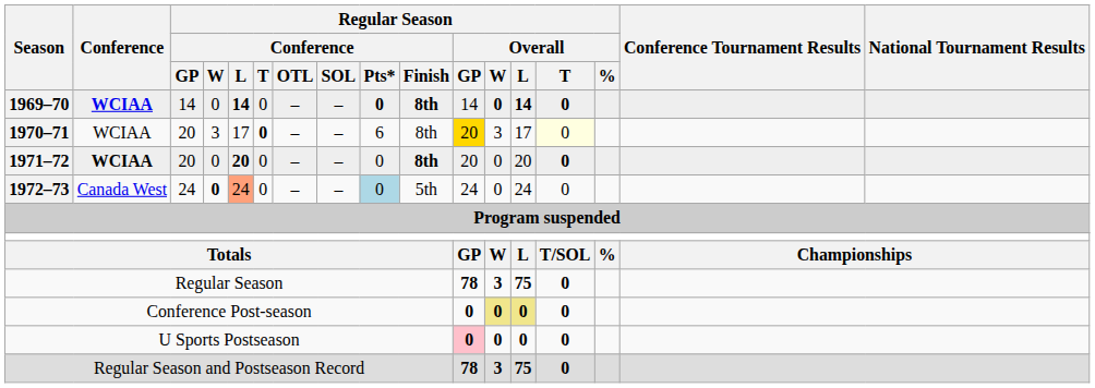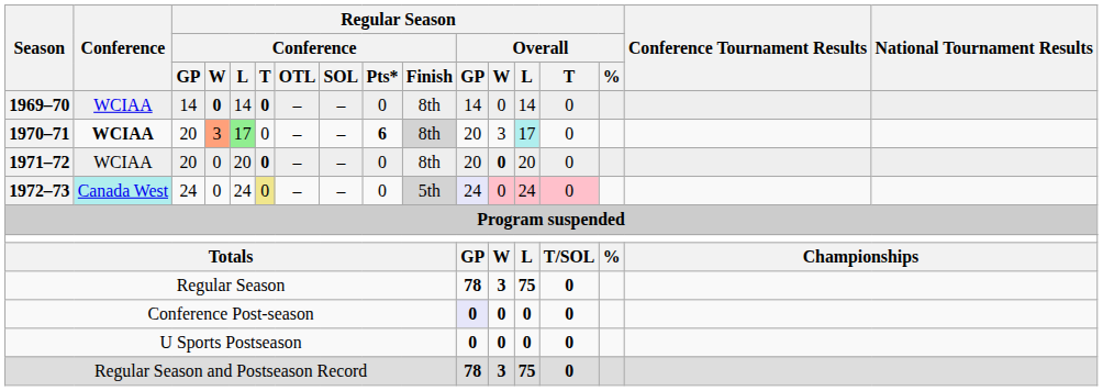 <table class="wikitable" style="text-align: center; font-size: 95%">
 <tr>
 <th rowspan="3">Season</th>
 <th rowspan="3">Conference</th>
 <th colspan="13">Regular Season</th>
 <th rowspan="3">Conference Tournament Results</th>
 <th rowspan="3">National Tournament Results</th>
 </tr>
 <tr>
 <th colspan="8">Conference</th>
 <th colspan="5">Overall</th>
 </tr>
 <tr>
 <th>GP</th>
 <th>W</th>
 <th>L</th>
 <th>T</th>
 <th>OTL</th>
 <th>SOL</th>
 <th>Pts*</th>
 <th>Finish</th>
 <th>GP</th>
 <th>W</th>
 <th>L</th>
 <th>T</th>
 <th>%</th>
 </tr>
 <tr bgcolor=eeeeee>
 <th>1969–70</th>
-<td><strong><a href='#'>WCIAA</a></strong></td>
+<td><a href='#'>WCIAA</a></td>
+<td>14</td>
+<td><strong>0</strong></td>
+<td>14</td>
+<td><strong>0</strong></td>
+<td>–</td>
+<td>–</td>
+<td>0</td>
+<td>8th</td>
 <td>14</td>
 <td>0</td>
-<td><strong>14</strong></td>
+<td>14</td>
 <td>0</td>
-<td>–</td>
-<td>–</td>
-<td><strong>0</strong></td>
-<td><strong>8th</strong></td>
-<td>14</td>
-<td><strong>0</strong></td>
-<td><strong>14</strong></td>
-<td><strong>0</strong></td>
 <td></td>
 <td align="left"></td>
 <td align="left"></td>
 </tr>
 <tr>
 <th>1970–71</th>
-<td>WCIAA</td>
+<td><strong>WCIAA</strong></td>
+<td>20</td>
+<td style="background: lightsalmon;">3</td>
+<td style="background: lightgreen;">17</td>
+<td>0</td>
+<td>–</td>
+<td>–</td>
+<td><strong>6</strong></td>
+<td style="background: lightgrey;">8th</td>
 <td>20</td>
 <td>3</td>
-<td>17</td>
-<td><strong>0</strong></td>
-<td>–</td>
-<td>–</td>
-<td>6</td>
-<td>8th</td>
-<td style="background: gold;">20</td>
-<td>3</td>
-<td>17</td>
-<td style="background: lightyellow;">0</td>
+<td style="background: paleturquoise;">17</td>
+<td>0</td>
 <td></td>
 <td align="left"></td>
 <td align="left"></td>
 </tr>
 <tr bgcolor=eeeeee>
 <th>1971–72</th>
-<td><strong>WCIAA</strong></td>
-<td>20</td>
-<td>0</td>
-<td><strong>20</strong></td>
-<td>0</td>
-<td>–</td>
-<td>–</td>
-<td>0</td>
-<td><strong>8th</strong></td>
+<td>WCIAA</td>
 <td>20</td>
 <td>0</td>
 <td>20</td>
 <td><strong>0</strong></td>
+<td>–</td>
+<td>–</td>
+<td>0</td>
+<td>8th</td>
+<td>20</td>
+<td><strong>0</strong></td>
+<td>20</td>
+<td>0</td>
 <td></td>
 <td align="left"></td>
 <td align="left"></td>
 </tr>
 <tr>
 <th>1972–73</th>
-<td><a href='#'>Canada West</a></td>
-<td>24</td>
-<td><strong>0</strong></td>
-<td style="background: lightsalmon;">24</td>
-<td>0</td>
-<td>–</td>
-<td>–</td>
-<td style="background: lightblue;">0</td>
-<td>5th</td>
+<td style="background: paleturquoise;"><a href='#'>Canada West</a></td>
 <td>24</td>
 <td>0</td>
 <td>24</td>
+<td style="background: khaki;">0</td>
+<td>–</td>
+<td>–</td>
 <td>0</td>
+<td style="background: lightgrey;">5th</td>
+<td style="background: lavender;">24</td>
+<td style="background: pink;">0</td>
+<td style="background: pink;">24</td>
+<td style="background: pink;">0</td>
 <td></td>
 <td align="left"></td>
 <td align="left"></td>
 </tr>
 <tr bgcolor=cccccc>
 <td colspan=18><strong>Program suspended</strong></td>
 </tr>
 <tr>
 </tr>
 <tr ->
 </tr>
 <tr>
 <td colspan="17" style="background:#fff;"></td>
 </tr>
 <tr>
 <th colspan="10">Totals</th>
 <th>GP</th>
 <th>W</th>
 <th>L</th>
 <th>T/SOL</th>
 <th>%</th>
 <th colspan="2">Championships</th>
 </tr>
 <tr>
 <td colspan="10">Regular Season</td>
 <td><strong>78</strong></td>
 <td><strong>3</strong></td>
 <td><strong>75</strong></td>
 <td><strong>0</strong></td>
 <td><strong></strong></td>
 <td colspan="2" align="left"></td>
 </tr>
 <tr>
 <td colspan="10">Conference Post-season</td>
+<td style="background: lavender;"><strong>0</strong></td>
 <td><strong>0</strong></td>
-<td style="background: khaki;"><strong>0</strong></td>
-<td style="background: khaki;"><strong>0</strong></td>
+<td><strong>0</strong></td>
 <td><strong>0</strong></td>
 <td><strong></strong></td>
 <td colspan="2" align="left"></td>
 </tr>
 <tr>
 <td colspan="10">U Sports Postseason</td>
-<td style="background: pink;"><strong>0</strong></td>
+<td><strong>0</strong></td>
 <td><strong>0</strong></td>
 <td><strong>0</strong></td>
 <td><strong>0</strong></td>
 <td><strong></strong></td>
 <td colspan="2" align="left"></td>
 </tr>
 <tr bgcolor=dddddd>
 <td colspan="10">Regular Season and Postseason Record</td>
 <td><strong>78</strong></td>
 <td><strong>3</strong></td>
 <td><strong>75</strong></td>
 <td><strong>0</strong></td>
 <td><strong></strong></td>
 <td colspan="2" align="left"></td>
 </tr>
 </table>
